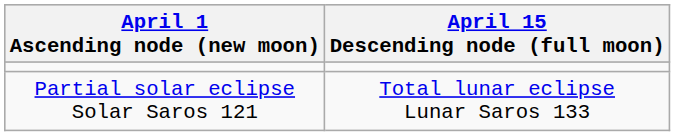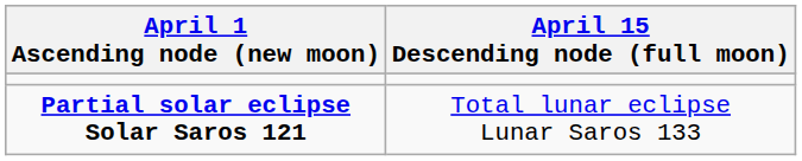 <table class="wikitable">
 <tr>
 <th><a href='#'>April 1</a><br>Ascending node (new moon)<br></th>
 <th><a href='#'>April 15</a><br>Descending node (full moon)<br></th>
 </tr>
 <tr>
 <td></td>
 <td></td>
 </tr>
 <tr align=center>
-<td><a href='#'>Partial solar eclipse</a><br>Solar Saros 121</td>
+<td><strong><a href='#'>Partial solar eclipse</a><br>Solar Saros 121</strong></td>
 <td><a href='#'>Total lunar eclipse</a><br>Lunar Saros 133</td>
 </tr>
 </table>
